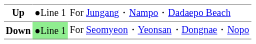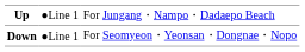 <table border=1 cellspacing=0 cellpadding=3 frame=hsides rules=rows>
 <tr>
 <th>Up</th>
 <td><span>●</span>Line 1</td>
 <td>For <a href='#'>Jungang</a>・<a href='#'>Nampo</a>・<a href='#'>Dadaepo Beach</a></td>
 </tr>
 <tr>
 <th>Down</th>
-<td style="background: lightgreen;"><span>●</span>Line 1</td>
+<td><span>●</span>Line 1</td>
 <td>For <a href='#'>Seomyeon</a>・<a href='#'>Yeonsan</a>・<a href='#'>Dongnae</a>・<a href='#'>Nopo</a></td>
 </tr>
 </table>
